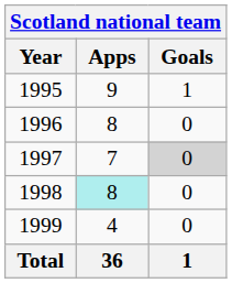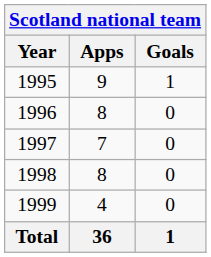 <table class="wikitable" style="text-align:center">
 <tr>
 <th colspan="3"><a href='#'>Scotland national team</a></th>
 </tr>
 <tr>
 <th>Year</th>
 <th>Apps</th>
 <th>Goals</th>
 </tr>
 <tr>
 <td>1995</td>
 <td>9</td>
 <td>1</td>
 </tr>
 <tr>
 <td>1996</td>
 <td>8</td>
 <td>0</td>
 </tr>
 <tr>
 <td>1997</td>
 <td>7</td>
-<td style="background: lightgrey;">0</td>
+<td>0</td>
 </tr>
 <tr>
 <td>1998</td>
-<td style="background: paleturquoise;">8</td>
+<td>8</td>
 <td>0</td>
 </tr>
 <tr>
 <td>1999</td>
 <td>4</td>
 <td>0</td>
 </tr>
 <tr>
 <th>Total</th>
 <th>36</th>
 <th>1</th>
 </tr>
 </table>
